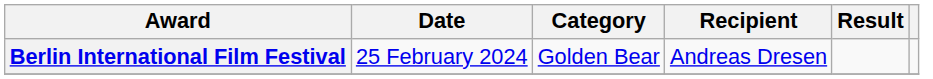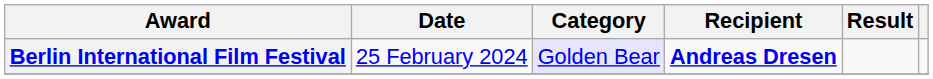 <table class="wikitable sortable plainrowheaders">
 <tr>
 <th>Award</th>
 <th>Date</th>
 <th>Category</th>
 <th>Recipient</th>
 <th>Result</th>
 <th></th>
 </tr>
 <tr>
 <th scope="row"><a href='#'>Berlin International Film Festival</a></th>
 <td><a href='#'>25 February 2024</a></td>
-<td><a href='#'>Golden Bear</a></td>
-<td><a href='#'>Andreas Dresen</a></td>
+<td style="background: lavender;"><a href='#'>Golden Bear</a></td>
+<td><strong><a href='#'>Andreas Dresen</a></strong></td>
 <td></td>
 <td align="center" rowspan="1"></td>
 </tr>
 <tr>
 </tr>
 </table>
